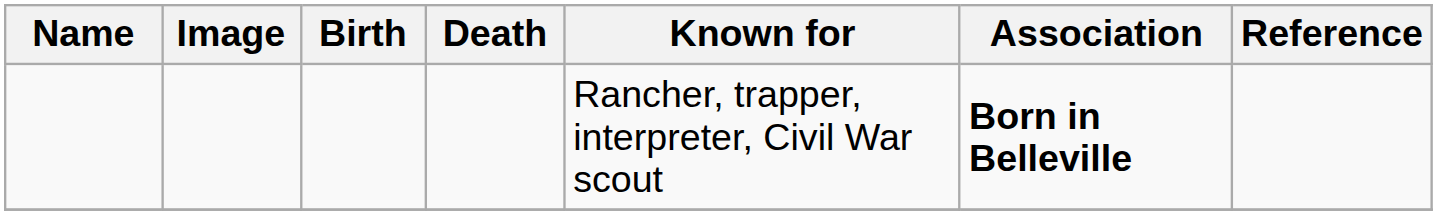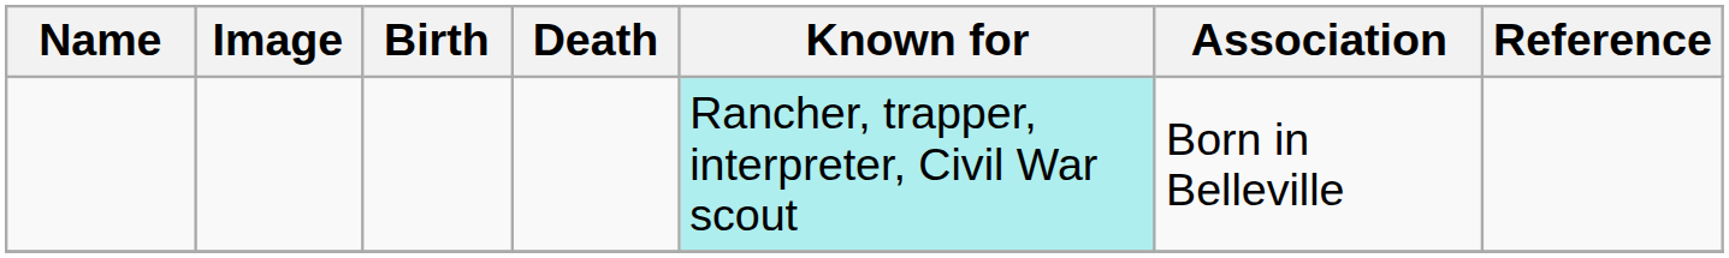 <table class="wikitable sortable">
 <tr>
 <th scope="col" width="140">Name</th>
 <th scope="col" width="80" class="unsortable">Image</th>
 <th scope="col" width="90">Birth</th>
 <th scope="col" width="90">Death</th>
 <th scope="col" width="600" class="unsortable">Known for</th>
 <th scope="col" width="200" class="unsortable">Association</th>
 <th scope="col" width="30" class="unsortable">Reference</th>
 </tr>
 <tr>
 <td></td>
 <td></td>
 <td align=right></td>
 <td align=right></td>
-<td>Rancher, trapper, interpreter, Civil War scout</td>
-<td><strong>Born in Belleville</strong></td>
+<td style="background: paleturquoise;">Rancher, trapper, interpreter, Civil War scout</td>
+<td>Born in Belleville</td>
 <td align="center"></td>
 </tr>
 <tr>
 </tr>
 </table>
